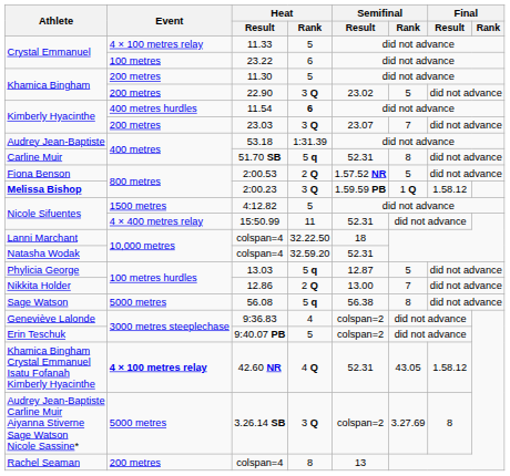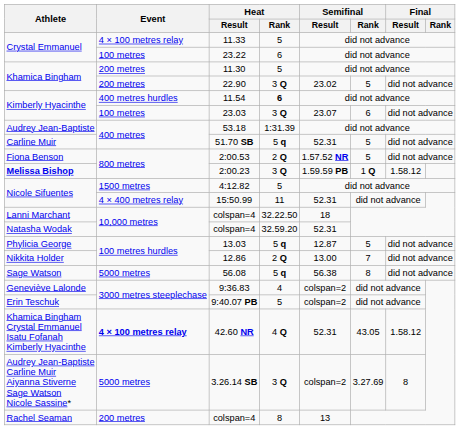 <table class="wikitable" style="font-size:90%">
 <tr>
 <th rowspan="2">Athlete</th>
 <th rowspan="2">Event</th>
 <th colspan="2">Heat</th>
 <th colspan="2">Semifinal</th>
 <th colspan="2">Final</th>
 </tr>
 <tr style="font-size:95%">
 <th>Result</th>
 <th>Rank</th>
 <th>Result</th>
 <th>Rank</th>
 <th>Result</th>
 <th>Rank</th>
 </tr>
 <tr style=text-align:center>
 <td style=text-align:left rowspan=2><a href='#'>Crystal Emmanuel</a></td>
 <td style=text-align:left><a href='#'>4 × 100 metres relay</a></td>
 <td>11.33</td>
 <td>5</td>
 <td colspan=4>did not advance</td>
 </tr>
 <tr style=text-align:center>
 <td style=text-align:left><a href='#'>100 metres</a></td>
 <td>23.22</td>
 <td>6</td>
 <td colspan=4>did not advance</td>
 </tr>
 <tr style=text-align:center>
 <td style=text-align:left rowspan=2><a href='#'>Khamica Bingham</a></td>
 <td style=text-align:left><a href='#'>200 metres</a></td>
 <td>11.30</td>
 <td>5</td>
 <td colspan=4>did not advance</td>
 </tr>
 <tr style=text-align:center>
 <td style=text-align:left><a href='#'>200 metres</a></td>
 <td>22.90</td>
 <td>3 <strong>Q</strong></td>
 <td>23.02</td>
 <td>5</td>
 <td colspan=2>did not advance</td>
 </tr>
 <tr style=text-align:center>
 <td style=text-align:left rowspan=2><a href='#'>Kimberly Hyacinthe</a></td>
 <td style=text-align:left><a href='#'>400 metres hurdles</a></td>
 <td>11.54</td>
 <td><strong>6</strong></td>
 <td colspan=4>did not advance</td>
 </tr>
 <tr style=text-align:center>
-<td style=text-align:left><a href='#'>200 metres</a></td>
+<td style=text-align:left><a href='#'>100 metres</a></td>
 <td>23.03</td>
 <td>3 <strong>Q</strong></td>
 <td>23.07</td>
-<td>7</td>
+<td>6</td>
 <td colspan=2>did not advance</td>
 </tr>
 <tr style=text-align:center>
 <td style=text-align:left><a href='#'>Audrey Jean-Baptiste</a></td>
 <td style=text-align:left rowspan=2><a href='#'>400 metres</a></td>
 <td>53.18</td>
 <td>1:31.39</td>
 <td colspan=4>did not advance</td>
 </tr>
 <tr style=text-align:center>
 <td style=text-align:left><a href='#'>Carline Muir</a></td>
 <td>51.70 <strong>SB</strong></td>
 <td>5 <strong>q</strong></td>
 <td>52.31</td>
-<td>8</td>
+<td>5</td>
 <td colspan=2>did not advance</td>
 </tr>
 <tr style=text-align:center>
 <td style=text-align:left><a href='#'>Fiona Benson</a></td>
 <td style=text-align:left rowspan=2><a href='#'>800 metres</a></td>
 <td>2:00.53</td>
 <td>2 <strong>Q</strong></td>
 <td>1.57.52 <strong><a href='#'>NR</a></strong></td>
 <td>5</td>
 <td colspan=4>did not advance</td>
 </tr>
 <tr style=text-align:center>
 <td style=text-align:left><strong><a href='#'>Melissa Bishop</a></strong></td>
 <td>2:00.23</td>
 <td>3 <strong>Q</strong></td>
 <td>1.59.59 <strong>PB</strong></td>
 <td>1 <strong>Q</strong></td>
 <td>1.58.12</td>
 <td></td>
 </tr>
 <tr style=text-align:center>
 <td style=text-align:left rowspan=2><a href='#'>Nicole Sifuentes</a></td>
 <td style=text-align:left><a href='#'>1500 metres</a></td>
 <td>4:12.82</td>
 <td>5</td>
 <td colspan=4>did not advance</td>
 </tr>
 <tr style=text-align:center>
 <td style=text-align:left><a href='#'>4 × 400 metres relay</a></td>
 <td>15:50.99</td>
 <td>11</td>
 <td>52.31</td>
 <td colspan=2>did not advance</td>
 </tr>
 <tr style=text-align:center>
 <td style=text-align:left><a href='#'>Lanni Marchant</a></td>
 <td style=text-align:left rowspan=2><a href='#'>10,000 metres</a></td>
 <td>colspan=4 </td>
 <td>32.22.50</td>
 <td>18</td>
 </tr>
 <tr style=text-align:center>
 <td style=text-align:left><a href='#'>Natasha Wodak</a></td>
 <td>colspan=4 </td>
 <td>32.59.20</td>
 <td>52.31</td>
 </tr>
 <tr style=text-align:center>
 <td style=text-align:left><a href='#'>Phylicia George</a></td>
 <td style=text-align:left rowspan=2><a href='#'>100 metres hurdles</a></td>
 <td>13.03</td>
 <td>5 <strong>q</strong></td>
 <td>12.87</td>
 <td>5</td>
 <td colspan=2>did not advance</td>
 </tr>
 <tr style=text-align:center>
 <td style=text-align:left><a href='#'>Nikkita Holder</a></td>
 <td>12.86</td>
 <td>2 <strong>Q</strong></td>
 <td>13.00</td>
 <td>7</td>
 <td colspan=2>did not advance</td>
 </tr>
 <tr style=text-align:center>
 <td style=text-align:left><a href='#'>Sage Watson</a></td>
 <td style=text-align:left><a href='#'>5000 metres</a></td>
 <td>56.08</td>
 <td>5 <strong>q</strong></td>
 <td>56.38</td>
 <td>8</td>
 <td colspan=2>did not advance</td>
 </tr>
 <tr style=text-align:center>
 <td style=text-align:left><a href='#'>Geneviève Lalonde</a></td>
 <td style=text-align:left rowspan=2><a href='#'>3000 metres steeplechase</a></td>
 <td>9:36.83</td>
 <td>4</td>
 <td>colspan=2 </td>
 <td colspan=2>did not advance</td>
 </tr>
 <tr style=text-align:center>
 <td style=text-align:left><a href='#'>Erin Teschuk</a></td>
 <td>9:40.07 <strong>PB</strong></td>
 <td>5</td>
 <td>colspan=2 </td>
 <td colspan=2>did not advance</td>
 </tr>
 <tr style=text-align:center>
 <td style=text-align:left><a href='#'>Khamica Bingham</a><br><a href='#'>Crystal Emmanuel</a><br><a href='#'>Isatu Fofanah</a><br><a href='#'>Kimberly Hyacinthe</a></td>
 <td style=text-align:left><strong><a href='#'>4 × 100 metres relay</a></strong></td>
 <td>42.60 <strong><a href='#'>NR</a></strong></td>
 <td>4 <strong>Q</strong></td>
 <td>52.31</td>
 <td>43.05</td>
 <td>1.58.12</td>
 </tr>
 <tr style=text-align:center>
 <td style=text-align:left><a href='#'>Audrey Jean-Baptiste</a><br><a href='#'>Carline Muir</a><br><a href='#'>Aiyanna Stiverne</a><br><a href='#'>Sage Watson</a><br><a href='#'>Nicole Sassine</a>*</td>
 <td style=text-align:left><a href='#'>5000 metres</a></td>
 <td>3.26.14 <strong>SB</strong></td>
 <td>3 <strong>Q</strong></td>
 <td>colspan=2 </td>
 <td>3.27.69</td>
 <td>8</td>
 </tr>
 <tr style=text-align:center>
 <td style=text-align:left><a href='#'>Rachel Seaman</a></td>
 <td style=text-align:left><a href='#'>200 metres</a></td>
 <td>colspan=4 </td>
 <td>8</td>
 <td>13</td>
 </tr>
 </table>
